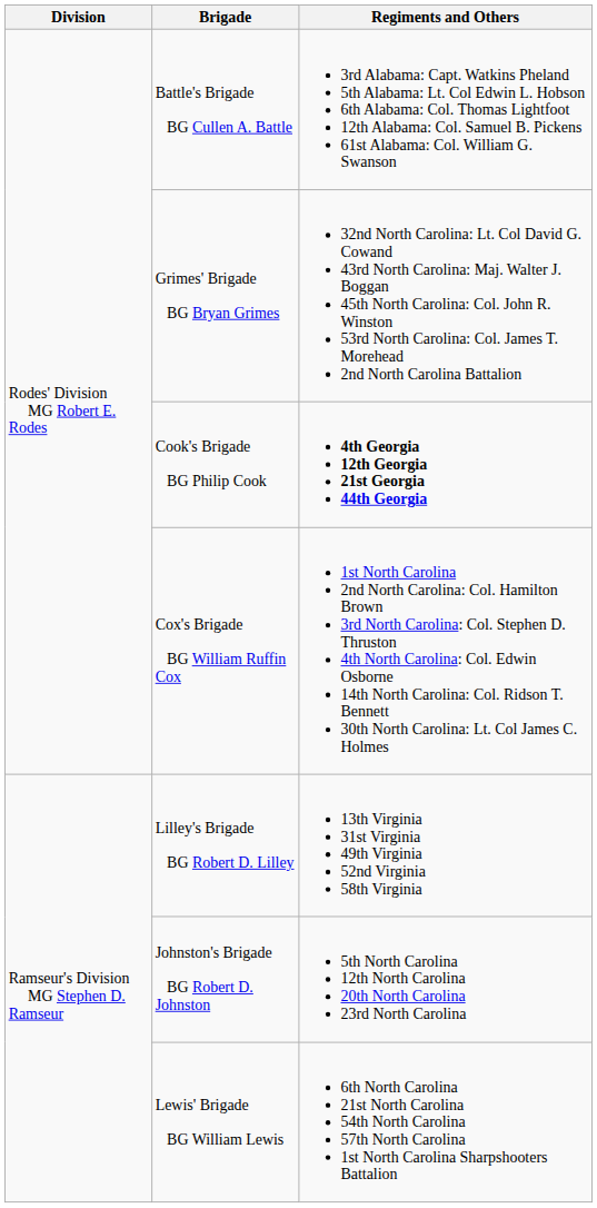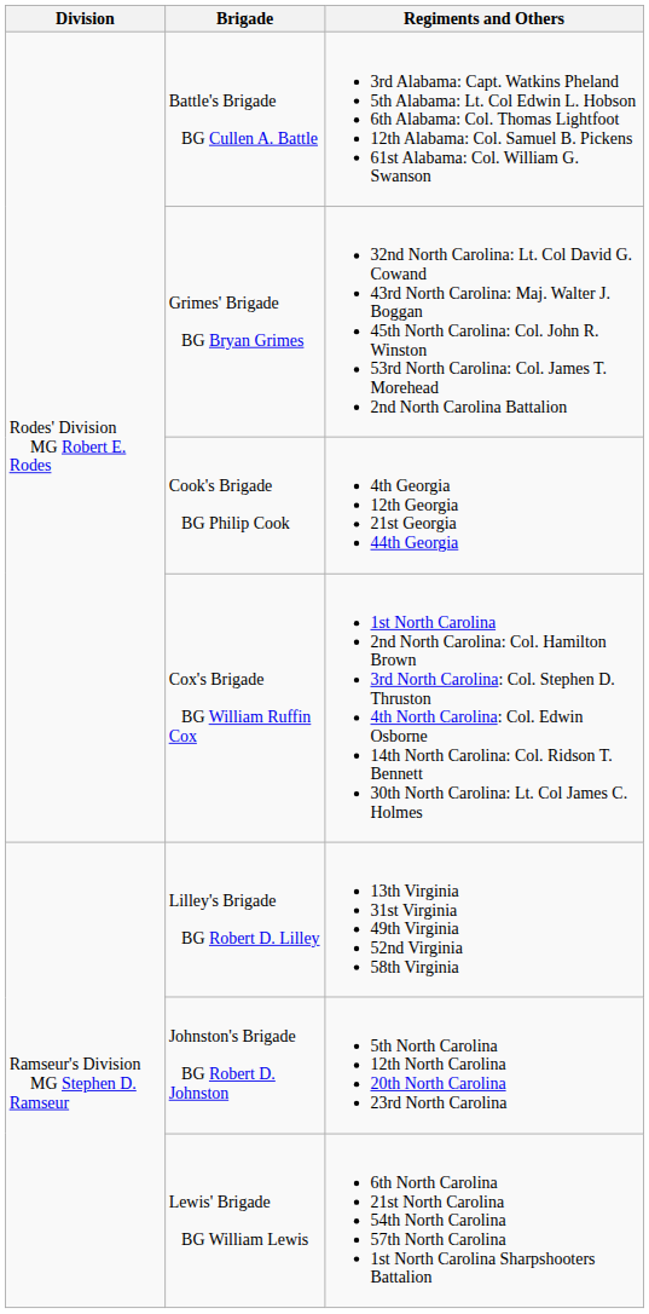 <table class="wikitable">
 <tr>
 <th width=25%>Division</th>
 <th width=25%>Brigade</th>
 <th>Regiments and Others</th>
 </tr>
 <tr>
 <td rowspan=4><br>Rodes' Division <br>     MG <a href='#'>Robert E. Rodes</a></td>
 <td>Battle's Brigade<br><br>   BG <a href='#'>Cullen A. Battle</a></td>
 <td><br><ul><li>3rd Alabama: Capt. Watkins Pheland</li><li>5th Alabama: Lt. Col Edwin L. Hobson</li><li>6th Alabama: Col. Thomas Lightfoot</li><li>12th Alabama: Col. Samuel B. Pickens</li><li>61st Alabama: Col. William G. Swanson</li></ul></td>
 </tr>
 <tr>
 <td>Grimes' Brigade<br><br>   BG <a href='#'>Bryan Grimes</a></td>
 <td><br><ul><li>32nd North Carolina: Lt. Col David G. Cowand</li><li>43rd North Carolina: Maj. Walter J. Boggan</li><li>45th North Carolina: Col. John R. Winston</li><li>53rd North Carolina: Col. James T. Morehead</li><li>2nd North Carolina Battalion</li></ul></td>
 </tr>
 <tr>
 <td>Cook's Brigade<br><br>   BG Philip Cook</td>
-<td><strong><br><ul><li>4th Georgia</li><li>12th Georgia</li><li>21st Georgia</li><li><a href='#'>44th Georgia</a></li></ul></strong></td>
+<td><br><ul><li>4th Georgia</li><li>12th Georgia</li><li>21st Georgia</li><li><a href='#'>44th Georgia</a></li></ul></td>
 </tr>
 <tr>
 <td>Cox's Brigade<br><br>   BG <a href='#'>William Ruffin Cox</a></td>
 <td><br><ul><li><a href='#'>1st North Carolina</a></li><li>2nd North Carolina: Col. Hamilton Brown</li><li><a href='#'>3rd North Carolina</a>: Col. Stephen D. Thruston</li><li><a href='#'>4th North Carolina</a>: Col. Edwin Osborne</li><li>14th North Carolina: Col. Ridson T. Bennett</li><li>30th North Carolina: Lt. Col James C. Holmes</li></ul></td>
 </tr>
 <tr>
 <td rowspan=3><br>Ramseur's Division <br>     MG <a href='#'>Stephen D. Ramseur</a></td>
 <td>Lilley's Brigade<br><br>   BG <a href='#'>Robert D. Lilley</a></td>
 <td><br><ul><li>13th Virginia</li><li>31st Virginia</li><li>49th Virginia</li><li>52nd Virginia</li><li>58th Virginia</li></ul></td>
 </tr>
 <tr>
 <td>Johnston's Brigade<br><br>   BG <a href='#'>Robert D. Johnston</a></td>
 <td><br><ul><li>5th North Carolina</li><li>12th North Carolina</li><li><a href='#'>20th North Carolina</a></li><li>23rd North Carolina</li></ul></td>
 </tr>
 <tr>
 <td>Lewis' Brigade<br><br>   BG William Lewis</td>
 <td><br><ul><li>6th North Carolina</li><li>21st North Carolina</li><li>54th North Carolina</li><li>57th North Carolina</li><li>1st North Carolina Sharpshooters Battalion</li></ul></td>
 </tr>
 </table>
